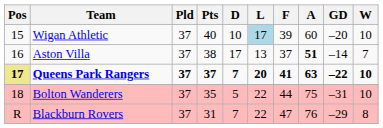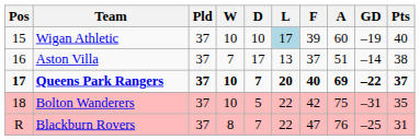 <table class=wikitable align="right" style="text-align:center;">
 <tr>
 <th width="25px">Pos</th>
 <th width="175px">Team</th>
 <th width="25px">Pld</th>
-<th width="25px">Pts</th>
+<th width="25px">W</th>
 <th width="25px">D</th>
 <th width="25px">L</th>
 <th width="25px">F</th>
 <th width="25px">A</th>
 <th width="30px">GD</th>
-<th width="25px">W</th>
+<th width="25px">Pts</th>
 </tr>
 <tr>
 <td>15</td>
 <td style="text-align:left;"><a href='#'>Wigan Athletic</a></td>
 <td>37</td>
-<td>40</td>
+<td>10</td>
 <td>10</td>
 <td style="background: lightblue;">17</td>
 <td>39</td>
 <td>60</td>
-<td>–20</td>
-<td>10</td>
+<td>–19</td>
+<td>40</td>
 </tr>
 <tr>
 <td>16</td>
 <td style="text-align:left;"><a href='#'>Aston Villa</a></td>
 <td>37</td>
-<td>38</td>
+<td>7</td>
 <td>17</td>
 <td>13</td>
 <td>37</td>
-<td><strong>51</strong></td>
+<td>51</td>
 <td>–14</td>
-<td>7</td>
+<td>38</td>
 </tr>
 <tr>
-<td style="background: khaki;"><strong>17</strong></td>
+<td><strong>17</strong></td>
 <td style="text-align:left;"><strong><a href='#'>Queens Park Rangers</a></strong></td>
 <td><strong>37</strong></td>
-<td><strong>37</strong></td>
+<td><strong>10</strong></td>
 <td><strong>7</strong></td>
 <td><strong>20</strong></td>
-<td><strong>41</strong></td>
-<td><strong>63</strong></td>
+<td><strong>40</strong></td>
+<td><strong>69</strong></td>
 <td><strong>–22</strong></td>
-<td><strong>10</strong></td>
+<td><strong>37</strong></td>
 </tr>
 <tr style="background:#ffbbbb">
 <td>18</td>
 <td style="text-align:left;"><a href='#'>Bolton Wanderers</a></td>
 <td>37</td>
-<td>35</td>
+<td>10</td>
 <td>5</td>
 <td>22</td>
-<td>44</td>
+<td>42</td>
 <td>75</td>
 <td>–31</td>
-<td>10</td>
+<td>35</td>
 </tr>
 <tr style="background:#ffbbbb">
 <td>R</td>
 <td style="text-align:left;"><a href='#'>Blackburn Rovers</a></td>
 <td>37</td>
-<td>31</td>
+<td>8</td>
 <td>7</td>
 <td>22</td>
 <td>47</td>
 <td>76</td>
-<td>–29</td>
-<td>8</td>
+<td>–25</td>
+<td>31</td>
 </tr>
 </table>
